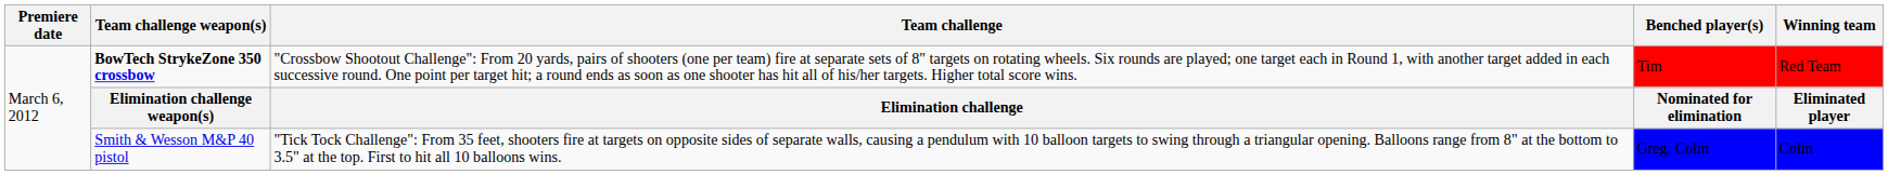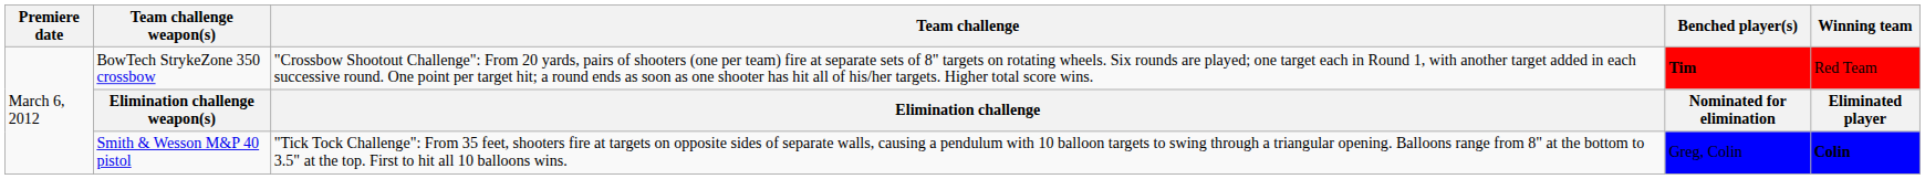 <table class="wikitable">
 <tr>
 <th>Premiere date</th>
 <th>Team challenge weapon(s)</th>
 <th>Team challenge</th>
 <th>Benched player(s)</th>
 <th>Winning team</th>
 </tr>
 <tr>
 <td rowspan="3">March 6, 2012</td>
-<td><strong>BowTech StrykeZone 350 <a href='#'>crossbow</a></strong></td>
+<td>BowTech StrykeZone 350 <a href='#'>crossbow</a></td>
 <td>"Crossbow Shootout Challenge": From 20 yards, pairs of shooters (one per team) fire at separate sets of 8" targets on rotating wheels. Six rounds are played; one target each in Round 1, with another target added in each successive round. One point per target hit; a round ends as soon as one shooter has hit all of his/her targets. Higher total score wins.</td>
-<td bgcolor="red"><span>Tim</span></td>
+<td bgcolor="red"><strong><span>Tim</span></strong></td>
 <td bgcolor="red"><span>Red Team</span></td>
 </tr>
 <tr>
 <th>Elimination challenge weapon(s)</th>
 <th>Elimination challenge</th>
 <th>Nominated for elimination</th>
 <th>Eliminated player</th>
 </tr>
 <tr>
 <td><a href='#'>Smith & Wesson M&P 40 pistol</a></td>
 <td>"Tick Tock Challenge": From 35 feet, shooters fire at targets on opposite sides of separate walls, causing a pendulum with 10 balloon targets to swing through a triangular opening. Balloons range from 8" at the bottom to 3.5" at the top. First to hit all 10 balloons wins.</td>
 <td bgcolor="blue"><span>Greg, Colin</span></td>
-<td bgcolor="blue"><span>Colin</span></td>
+<td bgcolor="blue"><strong><span>Colin</span></strong></td>
 </tr>
 </table>
